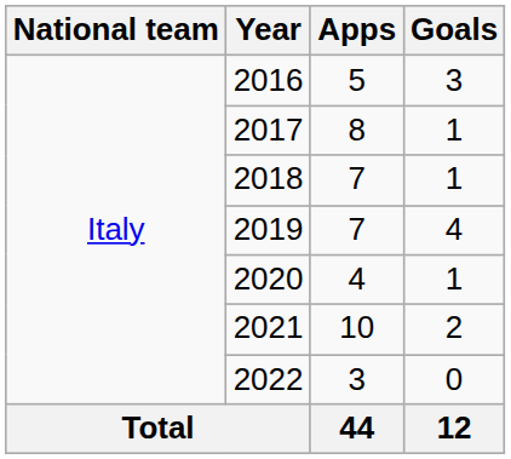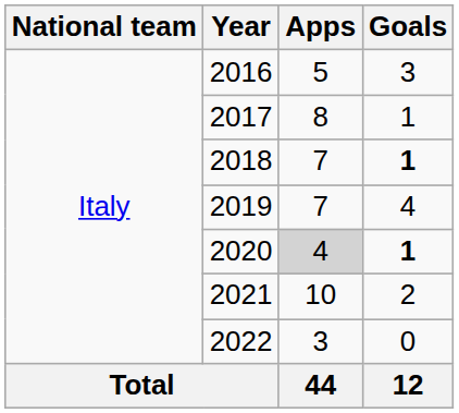 <table class="wikitable" style="text-align:center">
 <tr>
 <th>National team</th>
 <th>Year</th>
 <th>Apps</th>
 <th>Goals</th>
 </tr>
 <tr>
 <td rowspan="7"><a href='#'>Italy</a></td>
 <td>2016</td>
 <td>5</td>
 <td>3</td>
 </tr>
 <tr>
 <td>2017</td>
 <td>8</td>
 <td>1</td>
 </tr>
 <tr>
 <td>2018</td>
 <td>7</td>
-<td>1</td>
+<td><strong>1</strong></td>
 </tr>
 <tr>
 <td>2019</td>
 <td>7</td>
 <td>4</td>
 </tr>
 <tr>
 <td>2020</td>
-<td>4</td>
-<td>1</td>
+<td style="background: lightgrey;">4</td>
+<td><strong>1</strong></td>
 </tr>
 <tr>
 <td>2021</td>
 <td>10</td>
 <td>2</td>
 </tr>
 <tr>
 <td>2022</td>
 <td>3</td>
 <td>0</td>
 </tr>
 <tr>
 <th colspan="2">Total</th>
 <th>44</th>
 <th>12</th>
 </tr>
 </table>
